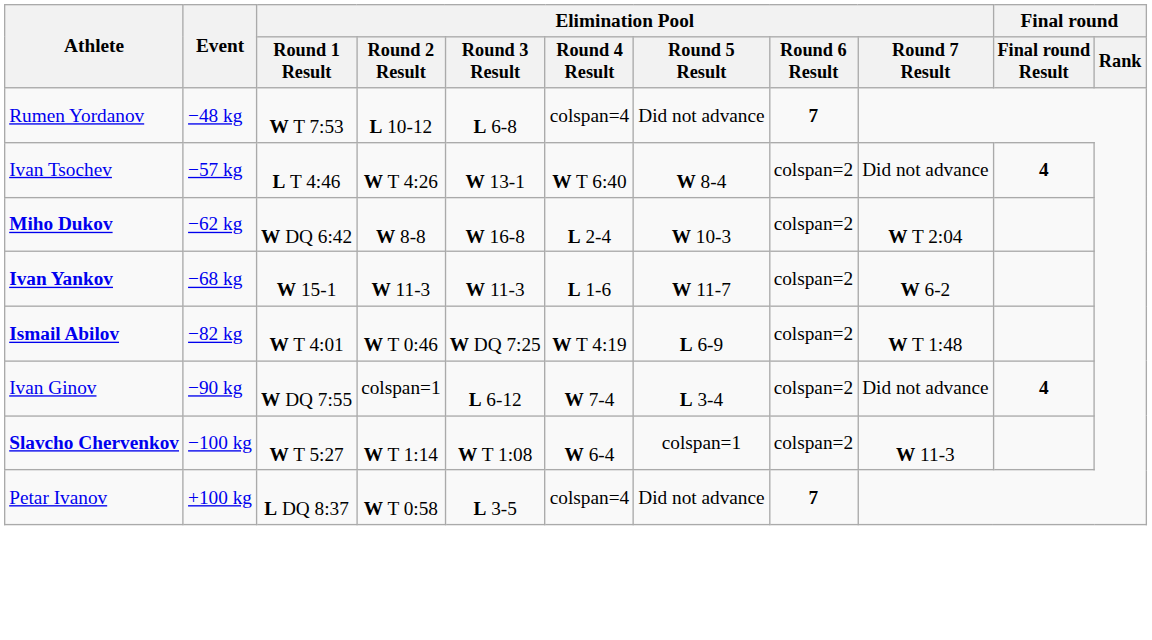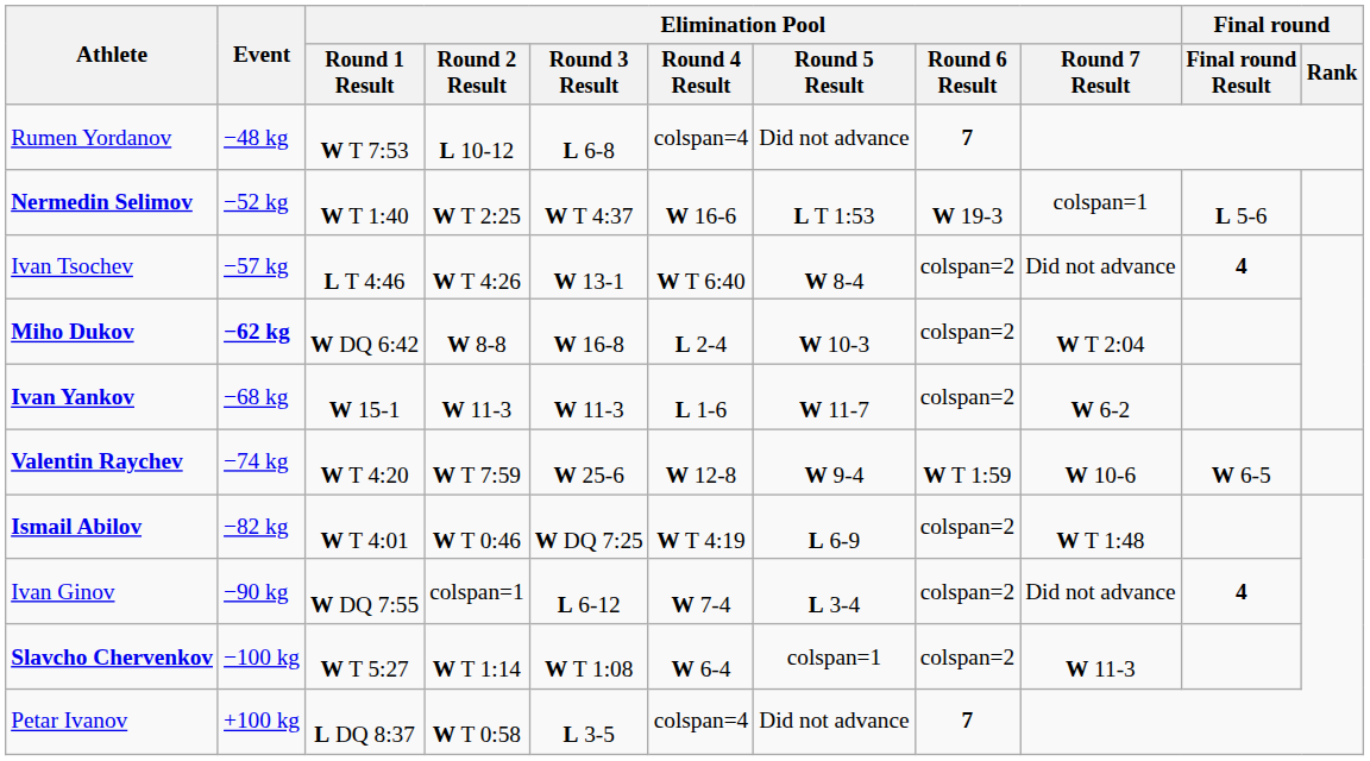 <table class="wikitable" style="font-size:90%">
 <tr>
 <th rowspan="2">Athlete</th>
 <th rowspan="2">Event</th>
 <th colspan=7>Elimination Pool</th>
 <th colspan=2>Final round</th>
 </tr>
 <tr style="font-size: 95%">
 <th>Round 1<br>Result</th>
 <th>Round 2<br>Result</th>
 <th>Round 3<br>Result</th>
 <th>Round 4<br>Result</th>
 <th>Round 5<br>Result</th>
 <th>Round 6<br>Result</th>
 <th>Round 7<br>Result</th>
 <th>Final round<br>Result</th>
 <th>Rank</th>
 </tr>
 <tr align=center>
 <td align=left><a href='#'>Rumen Yordanov</a></td>
 <td align=left><a href='#'>−48 kg</a></td>
 <td><br><strong>W</strong> T 7:53</td>
 <td><br><strong>L</strong> 10-12</td>
 <td><br><strong>L</strong> 6-8</td>
 <td>colspan=4 </td>
 <td>Did not advance</td>
 <td><strong>7</strong></td>
 </tr>
 <tr align=center>
+<td align=left><strong><a href='#'>Nermedin Selimov</a></strong></td>
+<td align=left><a href='#'>−52 kg</a></td>
+<td><br><strong>W</strong> T 1:40</td>
+<td><br><strong>W</strong> T 2:25</td>
+<td><br><strong>W</strong> T 4:37</td>
+<td><br><strong>W</strong> 16-6</td>
+<td><br><strong>L</strong> T 1:53</td>
+<td><br><strong>W</strong> 19-3</td>
+<td>colspan=1 </td>
+<td><br><strong>L</strong> 5-6</td>
+<td></td>
+</tr>
+<tr align=center>
 <td align=left><a href='#'>Ivan Tsochev</a></td>
 <td align=left><a href='#'>−57 kg</a></td>
 <td><br><strong>L</strong> T 4:46</td>
 <td><br><strong>W</strong> T 4:26</td>
 <td><br><strong>W</strong> 13-1</td>
 <td><br><strong>W</strong> T 6:40</td>
 <td><br><strong>W</strong> 8-4</td>
 <td>colspan=2 </td>
 <td>Did not advance</td>
 <td><strong>4</strong></td>
 </tr>
 <tr align=center>
 <td align=left><strong><a href='#'>Miho Dukov</a></strong></td>
-<td align=left><a href='#'>−62 kg</a></td>
+<td align=left><strong><a href='#'>−62 kg</a></strong></td>
 <td><br><strong>W</strong> DQ 6:42</td>
 <td><br><strong>W</strong> 8-8</td>
 <td><br><strong>W</strong> 16-8</td>
 <td><br><strong>L</strong> 2-4</td>
 <td><br><strong>W</strong> 10-3</td>
 <td>colspan=2 </td>
 <td><br><strong>W</strong> T 2:04</td>
 <td></td>
 </tr>
 <tr align=center>
 <td align=left><strong><a href='#'>Ivan Yankov</a></strong></td>
 <td align=left><a href='#'>−68 kg</a></td>
 <td><br><strong>W</strong> 15-1</td>
 <td><br><strong>W</strong> 11-3</td>
 <td><br><strong>W</strong> 11-3</td>
 <td><br><strong>L</strong> 1-6</td>
 <td><br><strong>W</strong> 11-7</td>
 <td>colspan=2 </td>
 <td><br><strong>W</strong> 6-2</td>
+<td></td>
+</tr>
+<tr align=center>
+<td align=left><strong><a href='#'>Valentin Raychev</a></strong></td>
+<td align=left><a href='#'>−74 kg</a></td>
+<td><br><strong>W</strong> T 4:20</td>
+<td><br><strong>W</strong> T 7:59</td>
+<td><br><strong>W</strong> 25-6</td>
+<td><br><strong>W</strong> 12-8</td>
+<td><br><strong>W</strong> 9-4</td>
+<td><br><strong>W</strong> T 1:59</td>
+<td><br><strong>W</strong> 10-6</td>
+<td><br><strong>W</strong> 6-5</td>
 <td></td>
 </tr>
 <tr align=center>
 <td align=left><strong><a href='#'>Ismail Abilov</a></strong></td>
 <td align=left><a href='#'>−82 kg</a></td>
 <td><br><strong>W</strong> T 4:01</td>
 <td><br><strong>W</strong> T 0:46</td>
 <td><br><strong>W</strong> DQ 7:25</td>
 <td><br><strong>W</strong> T 4:19</td>
 <td><br><strong>L</strong> 6-9</td>
 <td>colspan=2 </td>
 <td><br><strong>W</strong> T 1:48</td>
 <td></td>
 </tr>
 <tr align=center>
 <td align=left><a href='#'>Ivan Ginov</a></td>
 <td align=left><a href='#'>−90 kg</a></td>
 <td><br><strong>W</strong> DQ 7:55</td>
 <td>colspan=1 </td>
 <td><br><strong>L</strong> 6-12</td>
 <td><br><strong>W</strong> 7-4</td>
 <td><br><strong>L</strong> 3-4</td>
 <td>colspan=2 </td>
 <td>Did not advance</td>
 <td><strong>4</strong></td>
 </tr>
 <tr align=center>
 <td align=left><strong><a href='#'>Slavcho Chervenkov</a></strong></td>
 <td align=left><a href='#'>−100 kg</a></td>
 <td><br><strong>W</strong> T 5:27</td>
 <td><br><strong>W</strong> T 1:14</td>
 <td><br><strong>W</strong> T 1:08</td>
 <td><br><strong>W</strong> 6-4</td>
 <td>colspan=1 </td>
 <td>colspan=2 </td>
 <td><br><strong>W</strong> 11-3</td>
 <td></td>
 </tr>
 <tr align=center>
 <td align=left><a href='#'>Petar Ivanov</a></td>
 <td align=left><a href='#'>+100 kg</a></td>
 <td><br><strong>L</strong> DQ 8:37</td>
 <td><br><strong>W</strong> T 0:58</td>
 <td><br><strong>L</strong> 3-5</td>
 <td>colspan=4 </td>
 <td>Did not advance</td>
 <td><strong>7</strong></td>
 </tr>
 </table>
